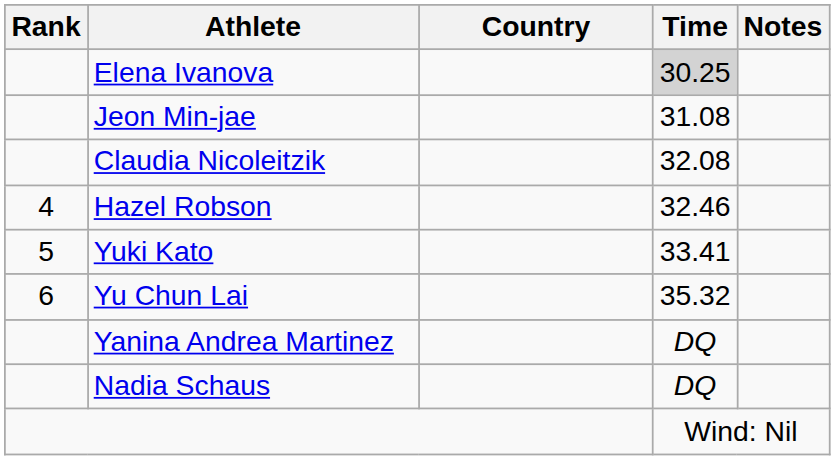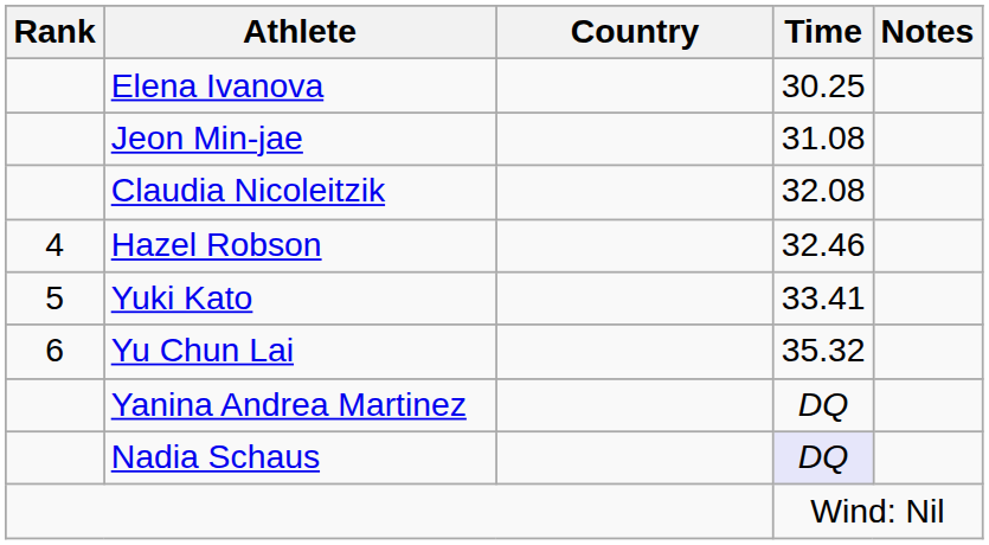 <table class="wikitable sortable" style="text-align:center">
 <tr>
 <th>Rank</th>
 <th style="width:180px">Athlete</th>
 <th style="width:125px">Country</th>
 <th>Time</th>
 <th>Notes</th>
 </tr>
 <tr>
 <td></td>
 <td style="text-align:left;"><a href='#'>Elena Ivanova</a></td>
 <td style="text-align:left;"></td>
-<td style="background: lightgrey;">30.25</td>
+<td>30.25</td>
 <td></td>
 </tr>
 <tr>
 <td></td>
 <td style="text-align:left;"><a href='#'>Jeon Min-jae</a></td>
 <td style="text-align:left;"></td>
 <td>31.08</td>
 <td></td>
 </tr>
 <tr>
 <td></td>
 <td style="text-align:left;"><a href='#'>Claudia Nicoleitzik</a></td>
 <td style="text-align:left;"></td>
 <td>32.08</td>
 <td></td>
 </tr>
 <tr>
 <td>4</td>
 <td style="text-align:left;"><a href='#'>Hazel Robson</a></td>
 <td style="text-align:left;"></td>
 <td>32.46</td>
 <td></td>
 </tr>
 <tr>
 <td>5</td>
 <td style="text-align:left;"><a href='#'>Yuki Kato</a></td>
 <td style="text-align:left;"></td>
 <td>33.41</td>
 <td></td>
 </tr>
 <tr>
 <td>6</td>
 <td style="text-align:left;"><a href='#'>Yu Chun Lai</a></td>
 <td style="text-align:left;"></td>
 <td>35.32</td>
 <td></td>
 </tr>
 <tr>
 <td></td>
 <td style="text-align:left;"><a href='#'>Yanina Andrea Martinez</a></td>
 <td style="text-align:left;"></td>
 <td><em>DQ</em></td>
 <td></td>
 </tr>
 <tr>
 <td></td>
 <td style="text-align:left;"><a href='#'>Nadia Schaus</a></td>
 <td style="text-align:left;"></td>
-<td><em>DQ</em></td>
+<td style="background: lavender;"><em>DQ</em></td>
 <td></td>
 </tr>
 <tr class="sortbottom">
 <td colspan="3"></td>
 <td colspan="2">Wind: Nil</td>
 </tr>
 </table>
